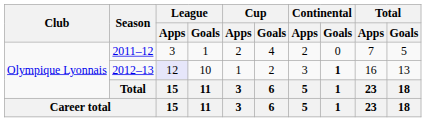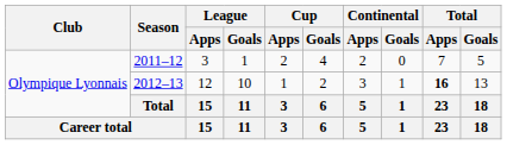 <table class="wikitable" style="text-align: center;">
 <tr>
 <th rowspan="2">Club</th>
 <th rowspan="2">Season</th>
 <th colspan="2">League</th>
 <th colspan="2">Cup</th>
 <th colspan="2">Continental</th>
 <th colspan="2">Total</th>
 </tr>
 <tr>
 <th>Apps</th>
 <th>Goals</th>
 <th>Apps</th>
 <th>Goals</th>
 <th>Apps</th>
 <th>Goals</th>
 <th>Apps</th>
 <th>Goals</th>
 </tr>
 <tr>
 <td rowspan="3" valign="center"><a href='#'>Olympique Lyonnais</a></td>
 <td><a href='#'>2011–12</a></td>
 <td>3</td>
 <td>1</td>
 <td>2</td>
 <td>4</td>
 <td>2</td>
 <td>0</td>
 <td>7</td>
 <td>5</td>
 </tr>
 <tr>
 <td><a href='#'>2012–13</a></td>
-<td style="background: lavender;">12</td>
+<td>12</td>
 <td>10</td>
 <td>1</td>
 <td>2</td>
 <td>3</td>
-<td><strong>1</strong></td>
-<td>16</td>
+<td>1</td>
+<td><strong>16</strong></td>
 <td>13</td>
 </tr>
 <tr>
 <th>Total</th>
 <th>15</th>
 <th>11</th>
 <th>3</th>
 <th>6</th>
 <th>5</th>
 <th>1</th>
 <th>23</th>
 <th>18</th>
 </tr>
 <tr>
 <th colspan="2">Career total</th>
 <th>15</th>
 <th>11</th>
 <th>3</th>
 <th>6</th>
 <th>5</th>
 <th>1</th>
 <th>23</th>
 <th>18</th>
 </tr>
 </table>
